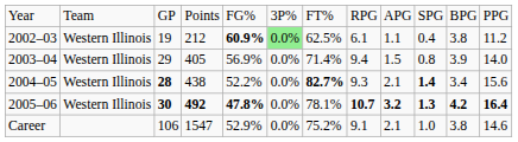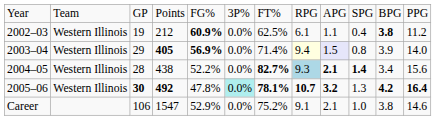 <table class="wikitable">
 <tr>
 <td>Year</td>
 <td>Team</td>
 <td>GP</td>
 <td>Points</td>
 <td>FG%</td>
 <td>3P%</td>
 <td>FT%</td>
 <td>RPG</td>
 <td>APG</td>
 <td>SPG</td>
 <td>BPG</td>
 <td>PPG</td>
 </tr>
 <tr>
 <td>2002–03</td>
 <td>Western Illinois</td>
 <td>19</td>
 <td>212</td>
 <td><strong>60.9%</strong></td>
-<td style="background: lightgreen;">0.0%</td>
+<td>0.0%</td>
 <td>62.5%</td>
 <td>6.1</td>
 <td>1.1</td>
 <td>0.4</td>
-<td>3.8</td>
+<td><strong>3.8</strong></td>
 <td>11.2</td>
 </tr>
 <tr>
 <td>2003–04</td>
 <td>Western Illinois</td>
 <td>29</td>
-<td>405</td>
-<td>56.9%</td>
+<td><strong>405</strong></td>
+<td><strong>56.9%</strong></td>
 <td>0.0%</td>
 <td>71.4%</td>
-<td>9.4</td>
-<td>1.5</td>
+<td style="background: lightyellow;">9.4</td>
+<td style="background: lavender;">1.5</td>
 <td>0.8</td>
 <td>3.9</td>
 <td>14.0</td>
 </tr>
 <tr>
 <td>2004–05</td>
 <td>Western Illinois</td>
-<td><strong>28</strong></td>
+<td>28</td>
 <td>438</td>
 <td>52.2%</td>
 <td>0.0%</td>
 <td><strong>82.7%</strong></td>
-<td>9.3</td>
-<td>2.1</td>
+<td style="background: lightblue;">9.3</td>
+<td><strong>2.1</strong></td>
 <td><strong>1.4</strong></td>
 <td>3.4</td>
 <td>15.6</td>
 </tr>
 <tr>
 <td>2005–06</td>
 <td>Western Illinois</td>
 <td><strong>30</strong></td>
 <td><strong>492</strong></td>
-<td><strong>47.8%</strong></td>
-<td>0.0%</td>
-<td>78.1%</td>
+<td>47.8%</td>
+<td style="background: paleturquoise;">0.0%</td>
+<td><strong>78.1%</strong></td>
 <td><strong>10.7</strong></td>
 <td><strong>3.2</strong></td>
-<td><strong>1.3</strong></td>
+<td>1.3</td>
 <td><strong>4.2</strong></td>
 <td><strong>16.4</strong></td>
 </tr>
 <tr>
 <td>Career</td>
 <td></td>
 <td>106</td>
 <td>1547</td>
 <td>52.9%</td>
 <td>0.0%</td>
 <td>75.2%</td>
 <td>9.1</td>
 <td>2.1</td>
 <td>1.0</td>
 <td>3.8</td>
 <td>14.6</td>
 </tr>
 </table>
